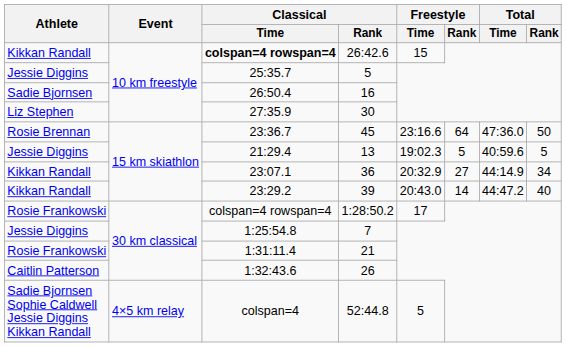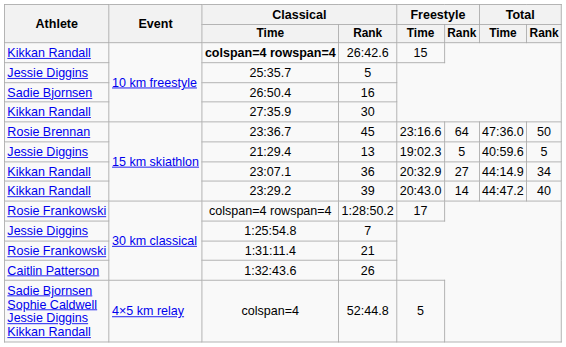 <table class=wikitable style=font-size:90%;text-align:center>
 <tr>
 <th rowspan=2>Athlete</th>
 <th rowspan=2>Event</th>
 <th colspan=2>Classical</th>
 <th colspan=2>Freestyle</th>
 <th colspan=2>Total</th>
 </tr>
 <tr style=font-size:95%>
 <th>Time</th>
 <th>Rank</th>
 <th>Time</th>
 <th>Rank</th>
 <th>Time</th>
 <th>Rank</th>
 </tr>
 <tr>
 <td align=left><a href='#'>Kikkan Randall</a></td>
 <td style="text-align:left;" rowspan="4"><a href='#'>10 km freestyle</a></td>
 <td><strong>colspan=4 rowspan=4 </strong></td>
 <td>26:42.6</td>
 <td>15</td>
 </tr>
 <tr>
 <td align=left><a href='#'>Jessie Diggins</a></td>
 <td>25:35.7</td>
 <td>5</td>
 </tr>
 <tr>
 <td align=left><a href='#'>Sadie Bjornsen</a></td>
 <td>26:50.4</td>
 <td>16</td>
 </tr>
 <tr>
-<td align=left><a href='#'>Liz Stephen</a></td>
+<td align=left><a href='#'>Kikkan Randall</a></td>
 <td>27:35.9</td>
 <td>30</td>
 </tr>
 <tr>
 <td align=left><a href='#'>Rosie Brennan</a></td>
 <td style="text-align:left;" rowspan="4"><a href='#'>15 km skiathlon</a></td>
 <td>23:36.7</td>
 <td>45</td>
 <td>23:16.6</td>
 <td>64</td>
 <td>47:36.0</td>
 <td>50</td>
 </tr>
 <tr>
 <td align=left><a href='#'>Jessie Diggins</a></td>
 <td>21:29.4</td>
 <td>13</td>
 <td>19:02.3</td>
 <td>5</td>
 <td>40:59.6</td>
 <td>5</td>
 </tr>
 <tr>
 <td align=left><a href='#'>Kikkan Randall</a></td>
 <td>23:07.1</td>
 <td>36</td>
 <td>20:32.9</td>
 <td>27</td>
 <td>44:14.9</td>
 <td>34</td>
 </tr>
 <tr>
 <td align=left><a href='#'>Kikkan Randall</a></td>
 <td>23:29.2</td>
 <td>39</td>
 <td>20:43.0</td>
 <td>14</td>
 <td>44:47.2</td>
 <td>40</td>
 </tr>
 <tr>
 <td align=left><a href='#'>Rosie Frankowski</a></td>
 <td style="text-align:left;" rowspan="4"><a href='#'>30 km classical</a></td>
 <td>colspan=4 rowspan=4 </td>
 <td>1:28:50.2</td>
 <td>17</td>
 </tr>
 <tr>
 <td align=left><a href='#'>Jessie Diggins</a></td>
 <td>1:25:54.8</td>
 <td>7</td>
 </tr>
 <tr>
 <td align=left><a href='#'>Rosie Frankowski</a></td>
 <td>1:31:11.4</td>
 <td>21</td>
 </tr>
 <tr>
 <td align=left><a href='#'>Caitlin Patterson</a></td>
 <td>1:32:43.6</td>
 <td>26</td>
 </tr>
 <tr>
 <td align=left><a href='#'>Sadie Bjornsen</a><br><a href='#'>Sophie Caldwell</a><br><a href='#'>Jessie Diggins</a><br><a href='#'>Kikkan Randall</a></td>
 <td align=left><a href='#'>4×5 km relay</a></td>
 <td>colspan=4 </td>
 <td>52:44.8</td>
 <td>5</td>
 </tr>
 </table>
